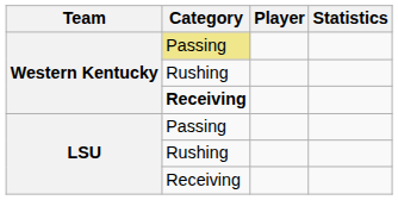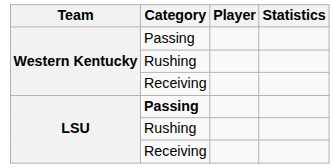 <table class="wikitable" style="float:right">
 <tr>
 <th>Team</th>
 <th>Category</th>
 <th>Player</th>
 <th>Statistics</th>
 </tr>
 <tr>
 <th rowspan=3>Western Kentucky</th>
-<td style="background: khaki;">Passing</td>
-<td></td>
-<td></td>
-</tr>
-<tr>
-<td>Rushing</td>
-<td></td>
-<td></td>
-</tr>
-<tr>
-<td><strong>Receiving</strong></td>
-<td></td>
-<td></td>
-</tr>
-<tr>
-<th rowspan=3>LSU</th>
 <td>Passing</td>
 <td></td>
 <td></td>
 </tr>
 <tr>
 <td>Rushing</td>
 <td></td>
 <td></td>
 </tr>
 <tr>
 <td>Receiving</td>
 <td></td>
 <td></td>
 </tr>
+<tr>
+<th rowspan=3>LSU</th>
+<td><strong>Passing</strong></td>
+<td></td>
+<td></td>
+</tr>
+<tr>
+<td>Rushing</td>
+<td></td>
+<td></td>
+</tr>
+<tr>
+<td>Receiving</td>
+<td></td>
+<td></td>
+</tr>
 </table>
